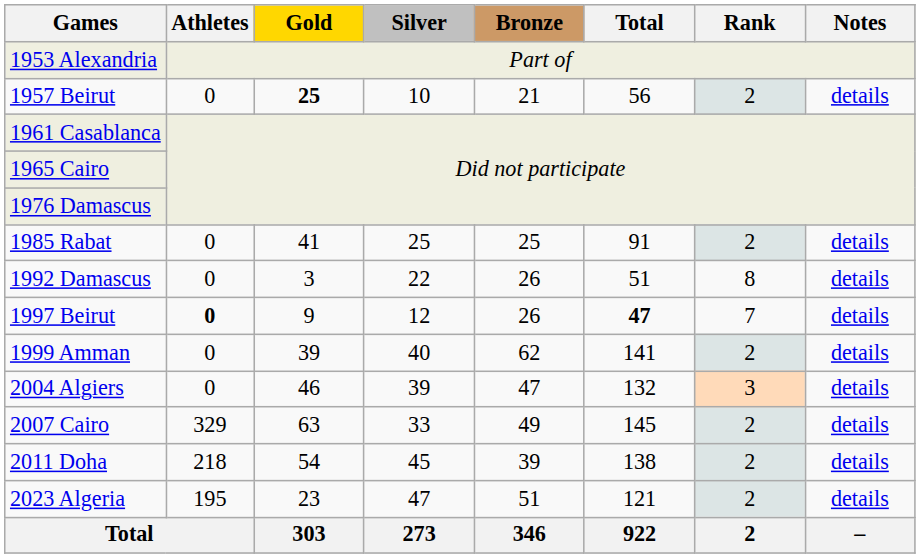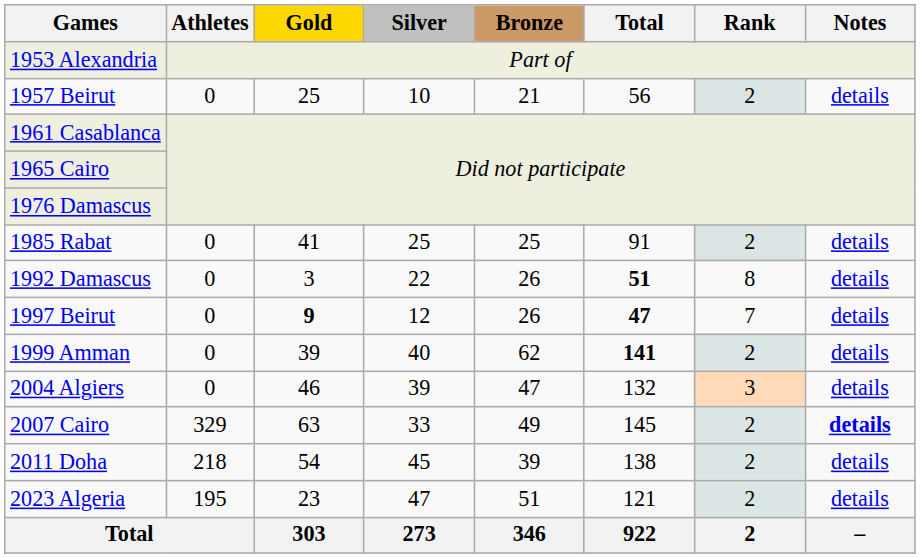 <table class="wikitable" style="font-size:90%; text-align:center;">
 <tr>
 <th>Games</th>
 <th>Athletes</th>
 <td style="background:gold; width:4.5em; font-weight:bold;">Gold</td>
 <td style="background:silver; width:4.5em; font-weight:bold;">Silver</td>
 <td style="background:#cc9966; width:4.5em; font-weight:bold;">Bronze</td>
 <th style="width:4.5em; font-weight:bold;">Total</th>
 <th style="width:4.5em; font-weight:bold;">Rank</th>
 <th style="width:4.5em; font-weight:bold;">Notes</th>
 </tr>
 <tr bgcolor="efefe">
 <td align=left> <a href='#'>1953 Alexandria</a></td>
 <td colspan=7><em>Part of </em></td>
 </tr>
 <tr bgcolor=>
 <td align=left> <a href='#'>1957 Beirut</a></td>
 <td>0</td>
-<td><strong>25</strong></td>
+<td>25</td>
 <td>10</td>
 <td>21</td>
 <td>56</td>
 <td bgcolor=DCE5E5>2</td>
 <td><a href='#'>details</a></td>
 </tr>
 <tr bgcolor="efefe">
 <td align=left> <a href='#'>1961 Casablanca</a></td>
 <td colspan=7 rowspan=3><em>Did not participate</em></td>
 </tr>
 <tr bgcolor="efefe">
 <td align=left> <a href='#'>1965 Cairo</a></td>
 </tr>
 <tr bgcolor="efefe">
 <td align=left> <a href='#'>1976 Damascus</a></td>
 </tr>
 <tr bgcolor=>
 <td align=left> <a href='#'>1985 Rabat</a></td>
 <td>0</td>
 <td>41</td>
 <td>25</td>
 <td>25</td>
 <td>91</td>
 <td bgcolor=DCE5E5>2</td>
 <td><a href='#'>details</a></td>
 </tr>
 <tr bgcolor=>
 <td align=left> <a href='#'>1992 Damascus</a></td>
 <td>0</td>
 <td>3</td>
 <td>22</td>
 <td>26</td>
-<td>51</td>
+<td><strong>51</strong></td>
 <td>8</td>
 <td><a href='#'>details</a></td>
 </tr>
 <tr bgcolor=>
 <td align=left> <a href='#'>1997 Beirut</a></td>
-<td><strong>0</strong></td>
-<td>9</td>
+<td>0</td>
+<td><strong>9</strong></td>
 <td>12</td>
 <td>26</td>
 <td><strong>47</strong></td>
 <td>7</td>
 <td><a href='#'>details</a></td>
 </tr>
 <tr bgcolor=>
 <td align=left> <a href='#'>1999 Amman</a></td>
 <td>0</td>
 <td>39</td>
 <td>40</td>
 <td>62</td>
-<td>141</td>
+<td><strong>141</strong></td>
 <td bgcolor=DCE5E5>2</td>
 <td><a href='#'>details</a></td>
 </tr>
 <tr bgcolor=>
 <td align=left> <a href='#'>2004 Algiers</a></td>
 <td>0</td>
 <td>46</td>
 <td>39</td>
 <td>47</td>
 <td>132</td>
 <td bgcolor=ffdab9>3</td>
 <td><a href='#'>details</a></td>
 </tr>
 <tr bgcolor=>
 <td align=left> <a href='#'>2007 Cairo</a></td>
 <td>329</td>
 <td>63</td>
 <td>33</td>
 <td>49</td>
 <td>145</td>
 <td bgcolor=DCE5E5>2</td>
-<td><a href='#'>details</a></td>
+<td><strong><a href='#'>details</a></strong></td>
 </tr>
 <tr bgcolor=>
 <td align=left> <a href='#'>2011 Doha</a></td>
 <td>218</td>
 <td>54</td>
 <td>45</td>
 <td>39</td>
 <td>138</td>
 <td bgcolor=DCE5E5>2</td>
 <td><a href='#'>details</a></td>
 </tr>
 <tr bgcolor=>
 <td align=left> <a href='#'>2023 Algeria</a> </td>
 <td>195</td>
 <td>23</td>
 <td>47</td>
 <td>51</td>
 <td>121</td>
 <td bgcolor=DCE5E5>2</td>
 <td><a href='#'>details</a></td>
 </tr>
 <tr style="width:4em;">
 <th colspan=2>Total</th>
 <th>303</th>
 <th>273</th>
 <th>346</th>
 <th>922</th>
 <th bgcolor="ffdab9">2</th>
 <th>–</th>
 </tr>
 </table>
